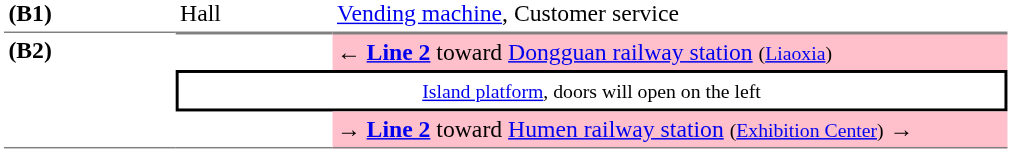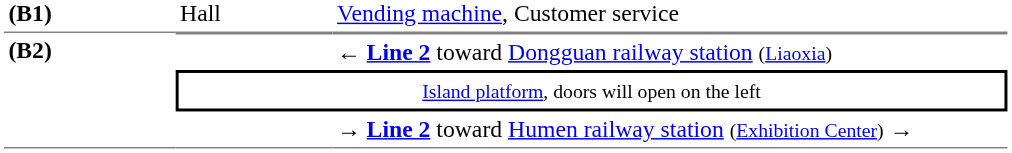 <table table border=0 cellspacing=0 cellpadding=3>
 <tr>
 <td style="border-bottom:solid 1px gray;border-top:solid 0px gray;" width=110 valign=top><strong>(B1)</strong></td>
 <td style="border-top:solid 0px gray;border-bottom:solid 1px gray;" width=100 valign=top>Hall</td>
 <td style="border-top:solid 0px gray;border-bottom:solid 1px gray;" width=390 valign=top><a href='#'>Vending machine</a>, Customer service</td>
 </tr>
 <tr>
 <td style="border-top:solid 0px gray;border-bottom:solid 1px gray;" width=110 rowspan=3 valign=top><strong>(B2)</strong></td>
 <td style="border-top:solid 1px gray;" width=100><span></span></td>
-<td style="background: pink; border-top:solid 1px gray;" width=450>← <a href='#'><span><strong>Line 2</strong></span></a> toward <a href='#'>Dongguan railway station</a> <small>(<a href='#'>Liaoxia</a>)</small></td>
+<td style="border-top:solid 1px gray;" width=450>← <a href='#'><span><strong>Line 2</strong></span></a> toward <a href='#'>Dongguan railway station</a> <small>(<a href='#'>Liaoxia</a>)</small></td>
 </tr>
 <tr>
 <td style="border-top:solid 2px black;border-right:solid 2px black;border-left:solid 2px black;border-bottom:solid 2px black;text-align:center;" colspan=2><small><a href='#'>Island platform</a>, doors will open on the left</small></td>
 </tr>
 <tr>
 <td style="border-bottom:solid 1px gray;" width=100><span></span></td>
-<td style="background: pink; border-bottom:solid 1px gray;" width=390><span>→</span> <a href='#'><span><strong>Line 2</strong></span></a> toward <a href='#'>Humen railway station</a> <small>(<a href='#'>Exhibition Center</a>)</small> →</td>
+<td style="border-bottom:solid 1px gray;" width=390><span>→</span> <a href='#'><span><strong>Line 2</strong></span></a> toward <a href='#'>Humen railway station</a> <small>(<a href='#'>Exhibition Center</a>)</small> →</td>
 </tr>
 </table>
